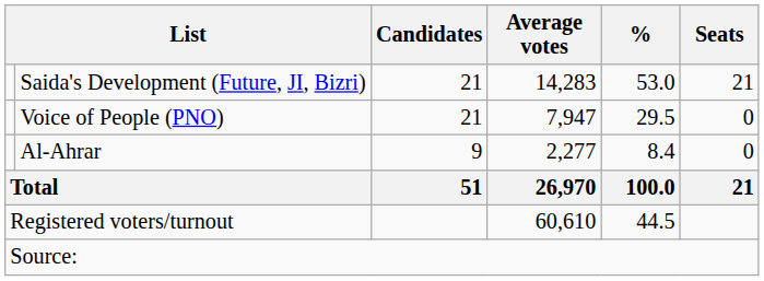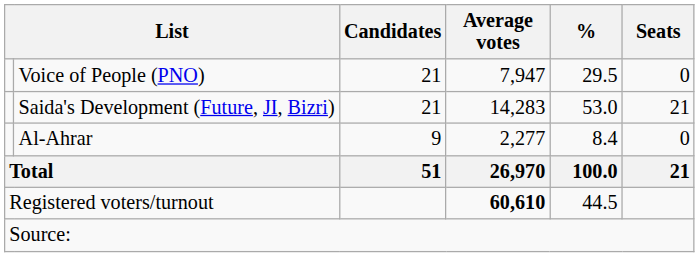 <table class="wikitable sortable" style="text-align:right">
 <tr>
 <th colspan="2" scope="col">List</th>
 <th>Candidates</th>
 <th scope="col">Average votes</th>
 <th scope="col">%</th>
 <th scope="col">Seats</th>
 </tr>
 <tr>
 <td rowspan="1" style="background-color:"></td>
+<td style="text-align:left;">Voice of People (<a href='#'>PNO</a>)</td>
+<td>21</td>
+<td>7,947</td>
+<td>29.5</td>
+<td>0</td>
+</tr>
+<tr>
+<td rowspan="1" style="background-color:"></td>
 <td style="text-align:left;">Saida's Development (<a href='#'>Future</a>, <a href='#'>JI</a>, <a href='#'>Bizri</a>)</td>
 <td>21</td>
 <td>14,283</td>
 <td>53.0</td>
 <td>21</td>
-</tr>
-<tr>
-<td rowspan="1" style="background-color:"></td>
-<td style="text-align:left;">Voice of People (<a href='#'>PNO</a>)</td>
-<td>21</td>
-<td>7,947</td>
-<td>29.5</td>
-<td>0</td>
 </tr>
 <tr>
 <td rowspan="1" style="background-color:"></td>
 <td style="text-align:left;">Al-Ahrar</td>
 <td>9</td>
 <td>2,277</td>
 <td>8.4</td>
 <td>0</td>
 </tr>
 <tr>
 <th colspan="2" style="text-align:left;width:200px">Total</th>
 <th style="text-align:right;width:50px">51</th>
 <th style="text-align:right;width:75px">26,970</th>
 <th style="text-align:right;width:50px">100.0</th>
 <th style="text-align:right;width:50px">21</th>
 </tr>
 <tr>
 <td colspan="2" style="text-align:left;width:200px">Registered voters/turnout</td>
 <td></td>
-<td style="text-align:right;width:75px">60,610</td>
+<td style="text-align:right;width:75px"><strong>60,610</strong></td>
 <td style="text-align:right;width:50px">44.5</td>
 <td style="text-align:right;width:50px"></td>
 </tr>
 <tr>
 <td colspan="6" style="text-align:left;">Source: </td>
 </tr>
 </table>
